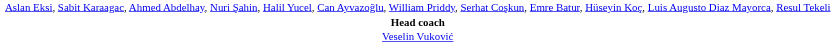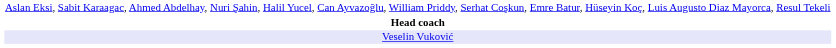 <table style="text-align: center; margin-top: 2em; margin-left: auto; margin-right: auto">
 <tr>
 <td><a href='#'>Aslan Eksi</a>, <a href='#'>Sabit Karaagac</a>, <a href='#'>Ahmed Abdelhay</a>, <a href='#'>Nuri Şahin</a>, <a href='#'>Halil Yucel</a>, <a href='#'>Can Ayvazoğlu</a>, <a href='#'>William Priddy</a>, <a href='#'>Serhat Coşkun</a>, <a href='#'>Emre Batur</a>, <a href='#'>Hüseyin Koç</a>, <a href='#'>Luis Augusto Diaz Mayorca</a>, <a href='#'>Resul Tekeli</a></td>
 </tr>
 <tr>
 <td><strong>Head coach</strong></td>
 </tr>
 <tr>
-<td><a href='#'>Veselin Vuković</a></td>
+<td style="background: lavender;"><a href='#'>Veselin Vuković</a></td>
 </tr>
 </table>
